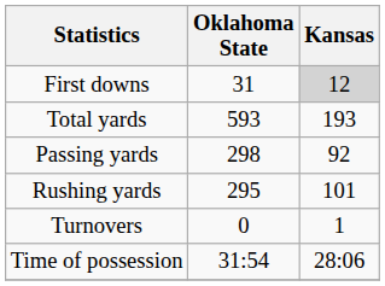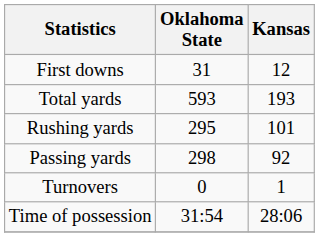 <table class="wikitable">
 <tr>
 <th>Statistics</th>
 <th>Oklahoma<br>State</th>
 <th>Kansas</th>
 </tr>
 <tr align="center">
 <td>First downs</td>
 <td>31</td>
-<td style="background: lightgrey;">12</td>
+<td>12</td>
 </tr>
 <tr align="center">
 <td>Total yards</td>
 <td>593</td>
 <td>193</td>
 </tr>
 <tr align="center">
+<td>Rushing yards</td>
+<td>295</td>
+<td>101</td>
+</tr>
+<tr align="center">
 <td>Passing yards</td>
 <td>298</td>
 <td>92</td>
-</tr>
-<tr align="center">
-<td>Rushing yards</td>
-<td>295</td>
-<td>101</td>
 </tr>
 <tr align="center">
 <td>Turnovers</td>
 <td>0</td>
 <td>1</td>
 </tr>
 <tr align="center">
 <td>Time of possession</td>
 <td>31:54</td>
 <td>28:06</td>
 </tr>
 <tr>
 </tr>
 </table>
